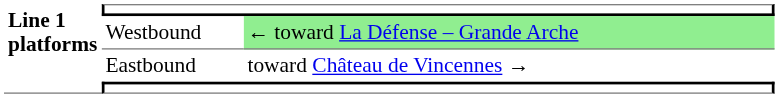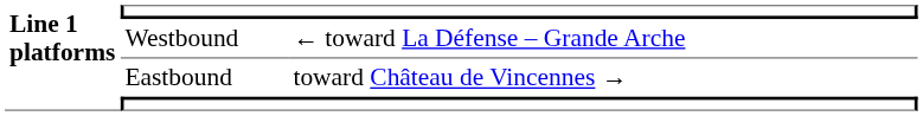 <table border=0 cellspacing=0 cellpadding=3>
 <tr>
 <td style="border-bottom:solid 1px gray;" width=50 rowspan=10 valign=top><strong>Line 1 platforms</strong></td>
 <td style="border-top:solid 1px gray;border-right:solid 2px black;border-left:solid 2px black;border-bottom:solid 2px black;text-align:center;" colspan=2></td>
 </tr>
 <tr>
 <td style="border-bottom:solid 1px gray;" width=100>Westbound</td>
-<td style="background: lightgreen; border-bottom:solid 1px gray;" width=390>←   toward <a href='#'>La Défense – Grande Arche</a> </td>
+<td style="border-bottom:solid 1px gray;" width=390>←   toward <a href='#'>La Défense – Grande Arche</a> </td>
 </tr>
 <tr>
 <td>Eastbound</td>
 <td>   toward <a href='#'>Château de Vincennes</a>  →</td>
 </tr>
 <tr>
 <td style="border-top:solid 2px black;border-right:solid 2px black;border-left:solid 2px black;border-bottom:solid 1px gray;text-align:center;" colspan=2></td>
 </tr>
 </table>
